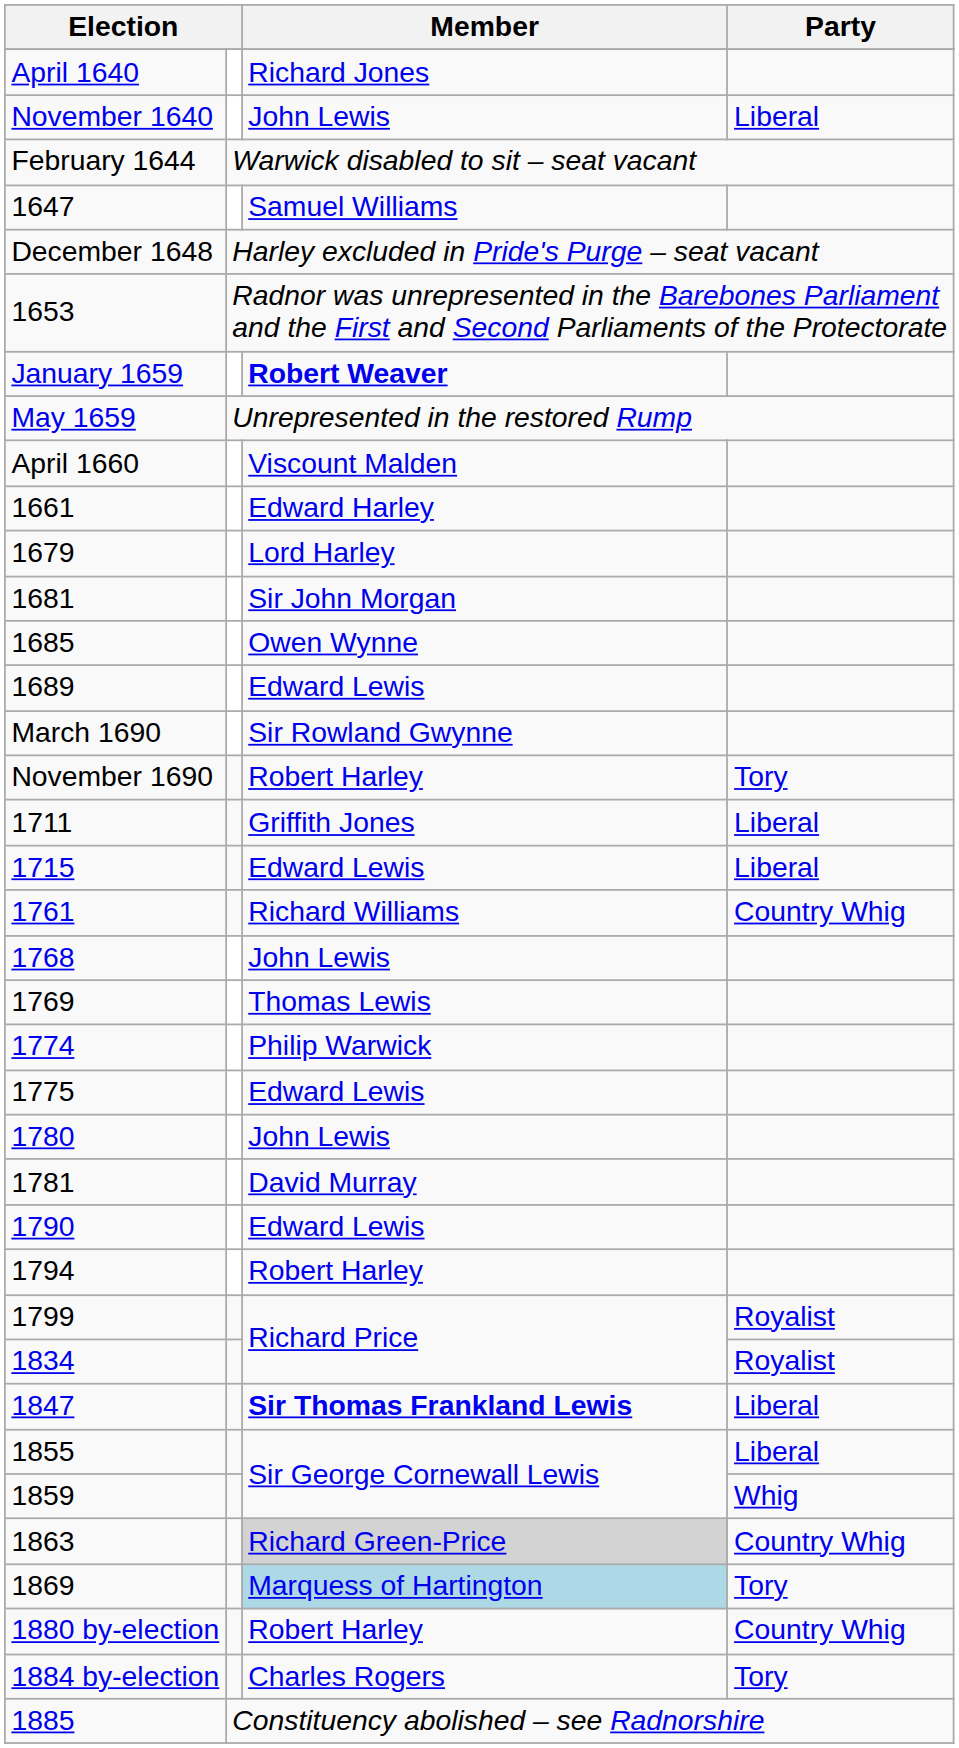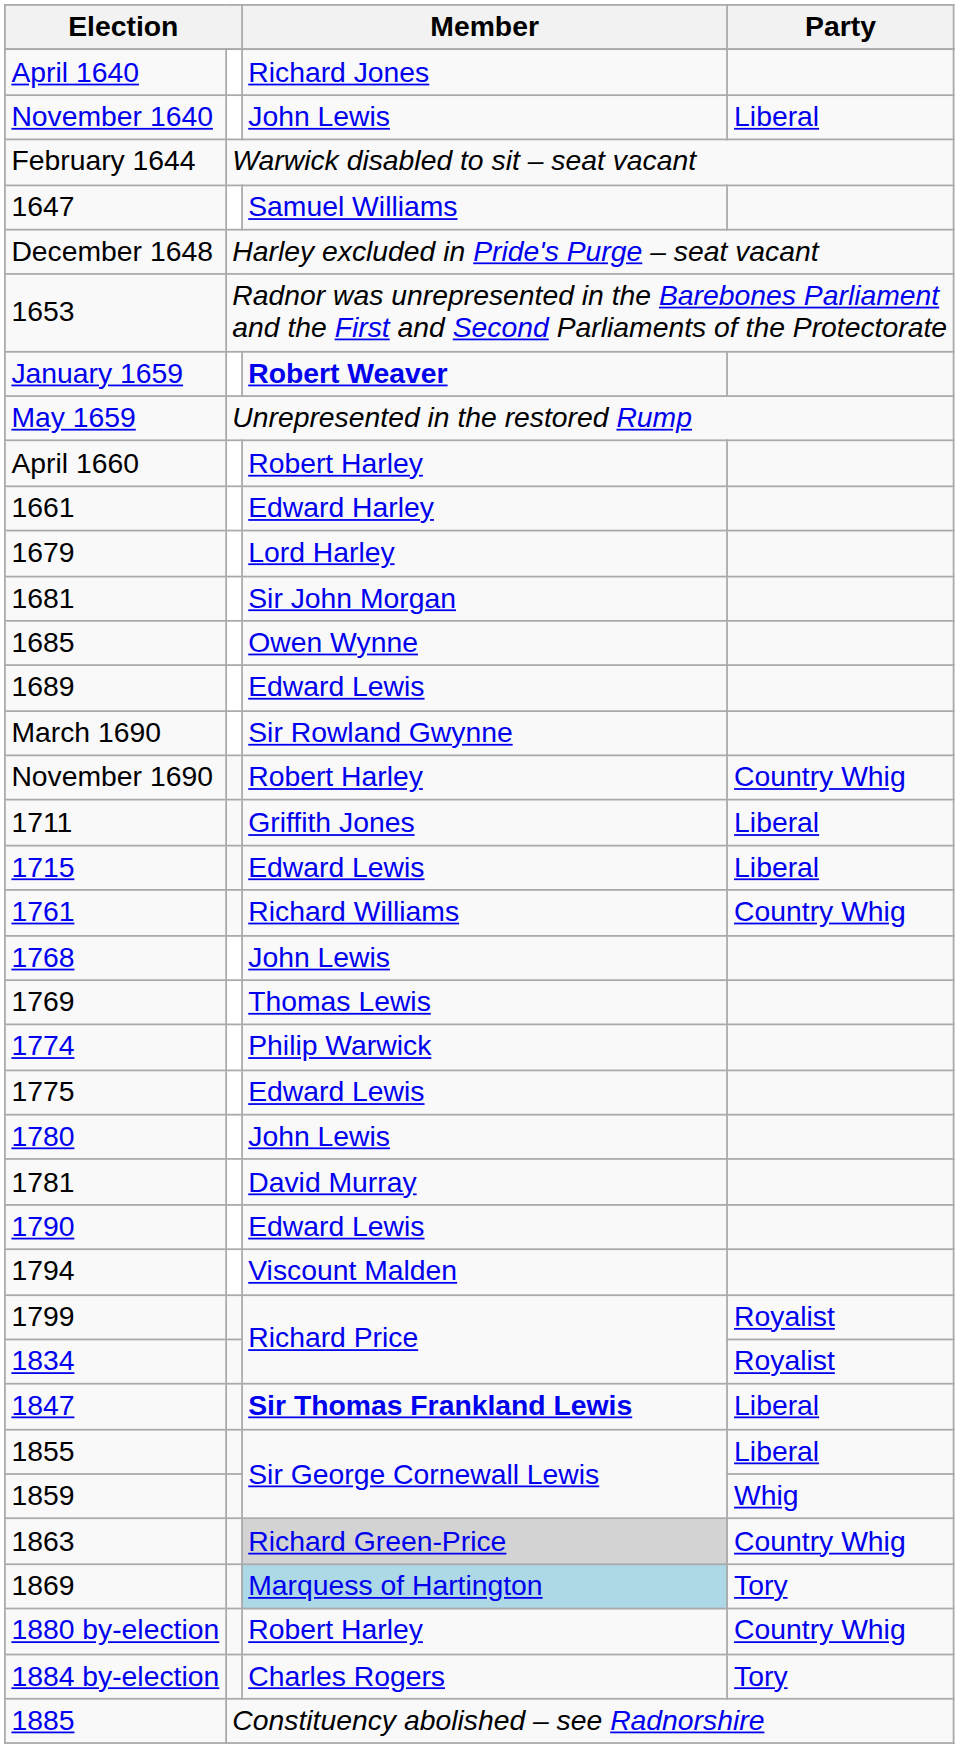 <table class="wikitable">
 <tr>
 <th colspan="2">Election</th>
 <th>Member</th>
 <th>Party</th>
 </tr>
 <tr>
 </tr>
 <tr>
 <td><a href='#'>April 1640</a></td>
 <td style="color:inherit;background-color: white"></td>
 <td><a href='#'>Richard Jones</a></td>
 <td></td>
 </tr>
 <tr>
 <td><a href='#'>November 1640</a></td>
 <td style="color:inherit;background-color: white"></td>
 <td><a href='#'>John Lewis</a></td>
 <td><a href='#'>Liberal</a></td>
 </tr>
 <tr>
 <td>February 1644</td>
 <td colspan="3"><em>Warwick disabled to sit – seat vacant</em></td>
 </tr>
 <tr>
 <td>1647</td>
 <td style="color:inherit;background-color: white"></td>
 <td><a href='#'>Samuel Williams</a></td>
 <td></td>
 </tr>
 <tr>
 <td>December 1648</td>
 <td colspan="3"><em>Harley excluded in <a href='#'>Pride's Purge</a> – seat vacant</em></td>
 </tr>
 <tr>
 <td>1653</td>
 <td colspan="3"><em>Radnor was unrepresented in the <a href='#'>Barebones Parliament</a><br>and the <a href='#'>First</a> and <a href='#'>Second</a> Parliaments of the Protectorate</em></td>
 </tr>
 <tr>
 <td><a href='#'>January 1659</a></td>
 <td style="color:inherit;background-color: white"></td>
 <td><strong><a href='#'>Robert Weaver</a></strong></td>
 <td></td>
 </tr>
 <tr>
 <td><a href='#'>May 1659</a></td>
 <td colspan="3"><em>Unrepresented in the restored <a href='#'>Rump</a></em></td>
 </tr>
 <tr>
 <td>April 1660</td>
 <td style="color:inherit;background-color: white"></td>
-<td><a href='#'>Viscount Malden</a></td>
+<td><a href='#'>Robert Harley</a></td>
 <td></td>
 </tr>
 <tr>
 <td>1661</td>
 <td style="color:inherit;background-color: white"></td>
 <td><a href='#'>Edward Harley</a></td>
 <td></td>
 </tr>
 <tr>
 <td>1679</td>
 <td style="color:inherit;background-color: white"></td>
 <td><a href='#'>Lord Harley</a></td>
 <td></td>
 </tr>
 <tr>
 <td>1681</td>
 <td style="color:inherit;background-color: white"></td>
 <td><a href='#'>Sir John Morgan</a></td>
 <td></td>
 </tr>
 <tr>
 <td>1685</td>
 <td style="color:inherit;background-color: white"></td>
 <td><a href='#'>Owen Wynne</a></td>
 <td></td>
 </tr>
 <tr>
 <td>1689</td>
 <td style="color:inherit;background-color: white"></td>
 <td><a href='#'>Edward Lewis</a></td>
 <td></td>
 </tr>
 <tr>
 <td>March 1690</td>
 <td style="color:inherit;background-color: white"></td>
 <td><a href='#'>Sir Rowland Gwynne</a></td>
 <td></td>
 </tr>
 <tr>
 <td>November 1690</td>
 <td style="color:inherit;background-color: "></td>
 <td><a href='#'>Robert Harley</a></td>
-<td><a href='#'>Tory</a></td>
+<td><a href='#'>Country Whig</a></td>
 </tr>
 <tr>
 <td>1711</td>
 <td style="color:inherit;background-color: "></td>
 <td><a href='#'>Griffith Jones</a></td>
 <td><a href='#'>Liberal</a></td>
 </tr>
 <tr>
 <td><a href='#'>1715</a></td>
 <td style="color:inherit;background-color: "></td>
 <td><a href='#'>Edward Lewis</a></td>
 <td><a href='#'>Liberal</a></td>
 </tr>
 <tr>
 <td><a href='#'>1761</a></td>
 <td style="color:inherit;background-color: "></td>
 <td><a href='#'>Richard Williams</a></td>
 <td><a href='#'>Country Whig</a></td>
 </tr>
 <tr>
 <td><a href='#'>1768</a></td>
 <td style="color:inherit;background-color: white"></td>
 <td><a href='#'>John Lewis</a></td>
 <td></td>
 </tr>
 <tr>
 <td>1769</td>
 <td style="color:inherit;background-color: white"></td>
 <td><a href='#'>Thomas Lewis</a></td>
 <td></td>
 </tr>
 <tr>
 <td><a href='#'>1774</a></td>
 <td style="color:inherit;background-color: white"></td>
 <td><a href='#'>Philip Warwick</a></td>
 <td></td>
 </tr>
 <tr>
 <td>1775</td>
 <td style="color:inherit;background-color: white"></td>
 <td><a href='#'>Edward Lewis</a></td>
 <td></td>
 </tr>
 <tr>
 <td><a href='#'>1780</a></td>
 <td style="color:inherit;background-color: white"></td>
 <td><a href='#'>John Lewis</a></td>
 <td></td>
 </tr>
 <tr>
 <td>1781</td>
 <td style="color:inherit;background-color: white"></td>
 <td><a href='#'>David Murray</a></td>
 <td></td>
 </tr>
 <tr>
 <td><a href='#'>1790</a></td>
 <td style="color:inherit;background-color: white"></td>
 <td><a href='#'>Edward Lewis</a></td>
 <td></td>
 </tr>
 <tr>
 <td>1794</td>
 <td style="color:inherit;background-color: white"></td>
-<td><a href='#'>Robert Harley</a></td>
+<td><a href='#'>Viscount Malden</a></td>
 <td></td>
 </tr>
 <tr>
 <td>1799</td>
 <td style="color:inherit;background-color: "></td>
 <td rowspan="2"><a href='#'>Richard Price</a></td>
 <td><a href='#'>Royalist</a></td>
 </tr>
 <tr>
 <td><a href='#'>1834</a></td>
 <td style="color:inherit;background-color: "></td>
 <td><a href='#'>Royalist</a></td>
 </tr>
 <tr>
 <td><a href='#'>1847</a></td>
 <td style="color:inherit;background-color: "></td>
 <td><strong><a href='#'>Sir Thomas Frankland Lewis</a></strong></td>
 <td><a href='#'>Liberal</a></td>
 </tr>
 <tr>
 <td>1855</td>
 <td style="color:inherit;background-color: "></td>
 <td rowspan="2"><a href='#'>Sir George Cornewall Lewis</a></td>
 <td><a href='#'>Liberal</a></td>
 </tr>
 <tr>
 <td>1859</td>
 <td style="color:inherit;background-color: "></td>
 <td><a href='#'>Whig</a></td>
 </tr>
 <tr>
 <td>1863</td>
 <td style="color:inherit;background-color: "></td>
 <td style="background: lightgrey;"><a href='#'>Richard Green-Price</a></td>
 <td><a href='#'>Country Whig</a></td>
 </tr>
 <tr>
 <td>1869</td>
 <td style="color:inherit;background-color: "></td>
 <td style="background: lightblue;"><a href='#'>Marquess of Hartington</a></td>
 <td><a href='#'>Tory</a></td>
 </tr>
 <tr>
 <td><a href='#'>1880 by-election</a></td>
 <td style="color:inherit;background-color: "></td>
 <td><a href='#'>Robert Harley</a></td>
 <td><a href='#'>Country Whig</a></td>
 </tr>
 <tr>
 <td><a href='#'>1884 by-election</a></td>
 <td style="color:inherit;background-color: "></td>
 <td><a href='#'>Charles Rogers</a></td>
 <td><a href='#'>Tory</a></td>
 </tr>
 <tr>
 <td><a href='#'>1885</a></td>
 <td colspan="6"><em>Constituency abolished – see <a href='#'>Radnorshire</a></em></td>
 </tr>
 </table>
